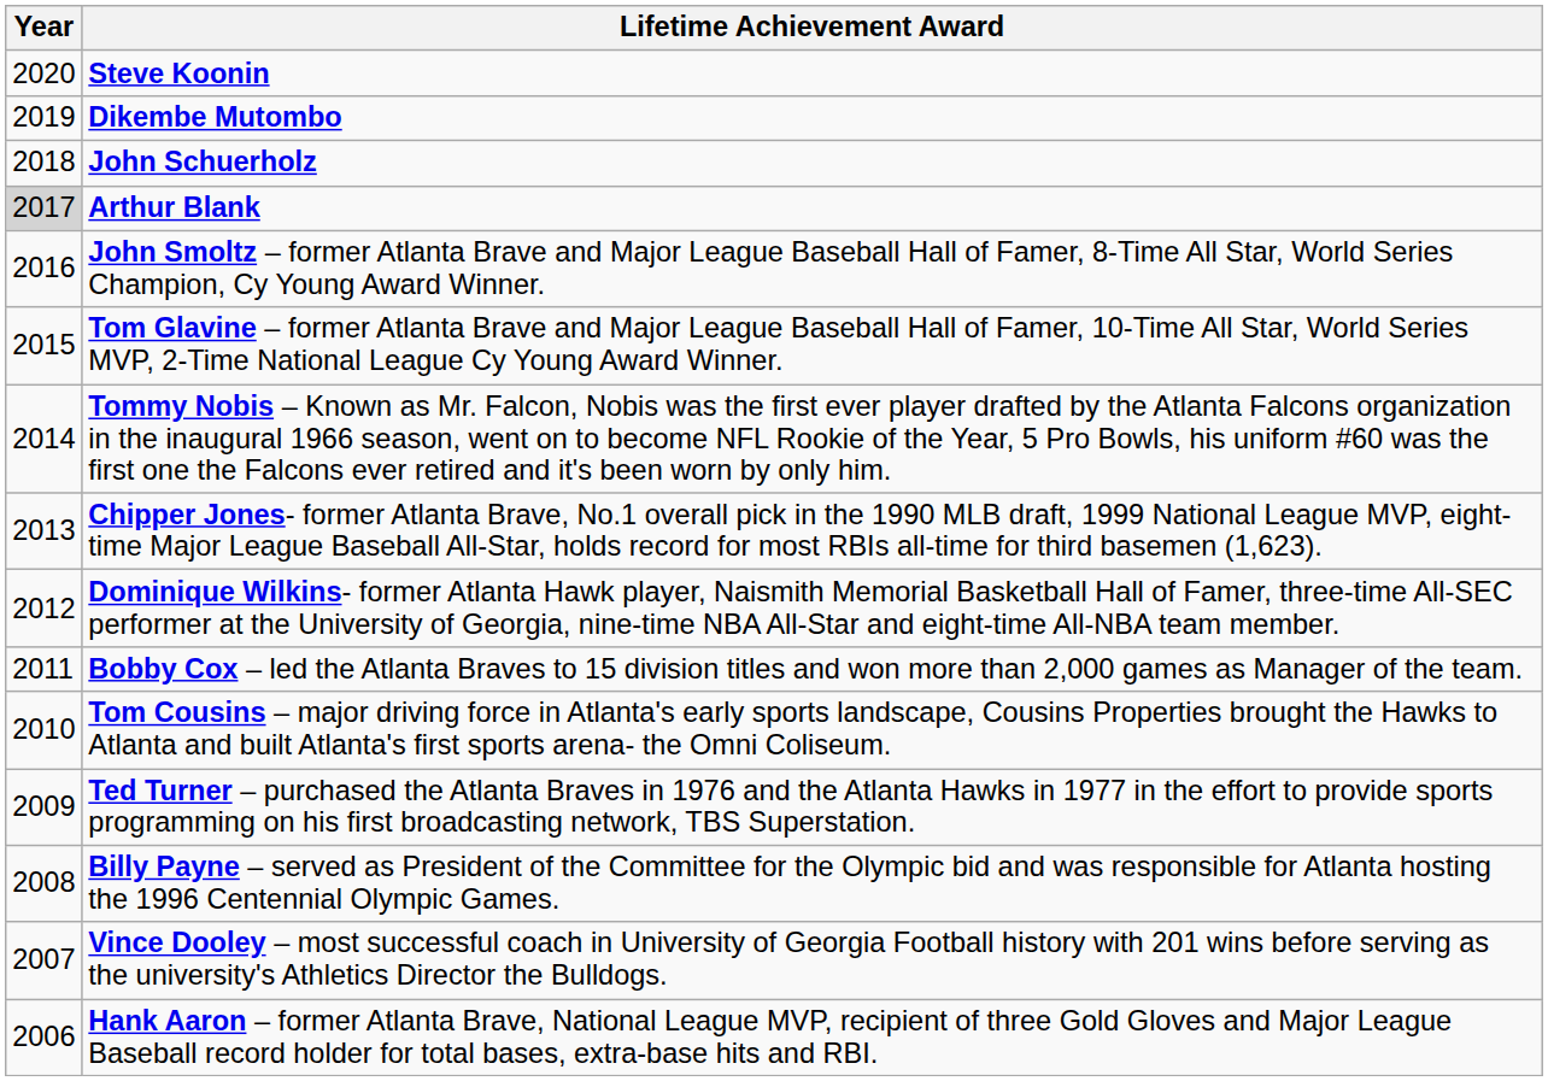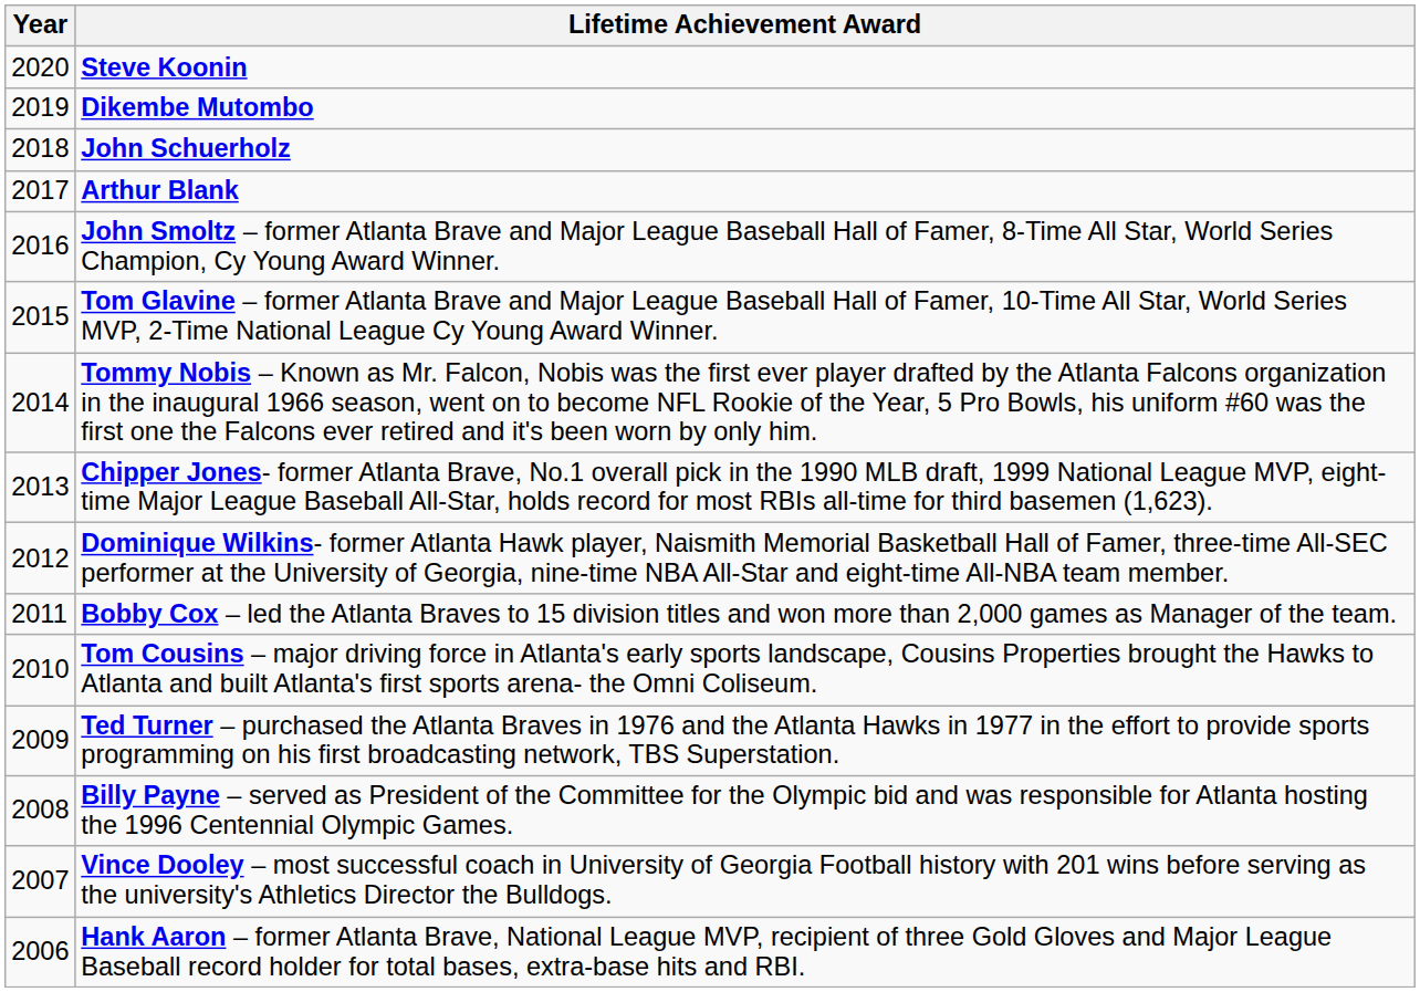 <table class="wikitable">
 <tr>
 <th>Year</th>
 <th><strong>Lifetime Achievement Award</strong></th>
 </tr>
 <tr>
 <td>2020</td>
 <td><strong><a href='#'>Steve Koonin</a></strong></td>
 </tr>
 <tr>
 <td>2019</td>
 <td><strong><a href='#'>Dikembe Mutombo</a></strong></td>
 </tr>
 <tr>
 <td>2018</td>
 <td><strong><a href='#'>John Schuerholz</a></strong></td>
 </tr>
 <tr>
-<td style="background: lightgrey;">2017</td>
+<td>2017</td>
 <td><strong><a href='#'>Arthur Blank</a></strong></td>
 </tr>
 <tr>
 <td>2016</td>
 <td><strong><a href='#'>John Smoltz</a></strong> – former Atlanta Brave and Major League Baseball Hall of Famer, 8-Time All Star, World Series Champion, Cy Young Award Winner.</td>
 </tr>
 <tr>
 <td>2015</td>
 <td><strong><a href='#'>Tom Glavine</a></strong> – former Atlanta Brave and Major League Baseball Hall of Famer, 10-Time All Star, World Series MVP, 2-Time National League Cy Young Award Winner.</td>
 </tr>
 <tr>
 <td>2014</td>
 <td><strong><a href='#'>Tommy Nobis</a></strong> – Known as Mr. Falcon, Nobis was the first ever player drafted by the Atlanta Falcons organization in the inaugural 1966 season, went on to become NFL Rookie of the Year, 5 Pro Bowls, his uniform #60 was the first one the Falcons ever retired and it's been worn by only him.</td>
 </tr>
 <tr>
 <td>2013</td>
 <td><strong><a href='#'>Chipper Jones</a></strong>- former Atlanta Brave, No.1 overall pick in the 1990 MLB draft, 1999 National League MVP, eight-time Major League Baseball All-Star, holds record for most RBIs all-time for third basemen (1,623).</td>
 </tr>
 <tr>
 <td>2012</td>
 <td><strong><a href='#'>Dominique Wilkins</a></strong>- former Atlanta Hawk player, Naismith Memorial Basketball Hall of Famer, three-time All-SEC performer at the University of Georgia, nine-time NBA All-Star and eight-time All-NBA team member.</td>
 </tr>
 <tr>
 <td>2011</td>
 <td><strong><a href='#'>Bobby Cox</a></strong> – led the Atlanta Braves to 15 division titles and won more than 2,000 games as Manager of the team.</td>
 </tr>
 <tr>
 <td>2010</td>
 <td><strong><a href='#'>Tom Cousins</a></strong> – major driving force in Atlanta's early sports landscape, Cousins Properties brought the Hawks to Atlanta and built Atlanta's first sports arena- the Omni Coliseum.</td>
 </tr>
 <tr>
 <td>2009</td>
 <td><strong><a href='#'>Ted Turner</a></strong> – purchased the Atlanta Braves in 1976 and the Atlanta Hawks in 1977 in the effort to provide sports programming on his first broadcasting network, TBS Superstation.</td>
 </tr>
 <tr>
 <td>2008</td>
 <td><strong><a href='#'>Billy Payne</a></strong> – served as President of the Committee for the Olympic bid and was responsible for Atlanta hosting the 1996 Centennial Olympic Games.</td>
 </tr>
 <tr>
 <td>2007</td>
 <td><strong><a href='#'>Vince Dooley</a></strong> – most successful coach in University of Georgia Football history with 201 wins before serving as the university's Athletics Director the Bulldogs.</td>
 </tr>
 <tr>
 <td>2006</td>
 <td><strong><a href='#'>Hank Aaron</a></strong> – former Atlanta Brave, National League MVP, recipient of three Gold Gloves and Major League Baseball record holder for total bases, extra-base hits and RBI.</td>
 </tr>
 </table>
